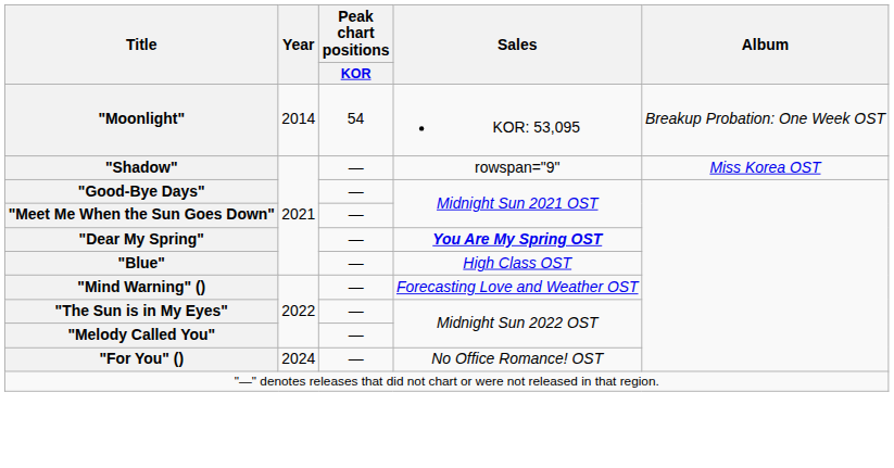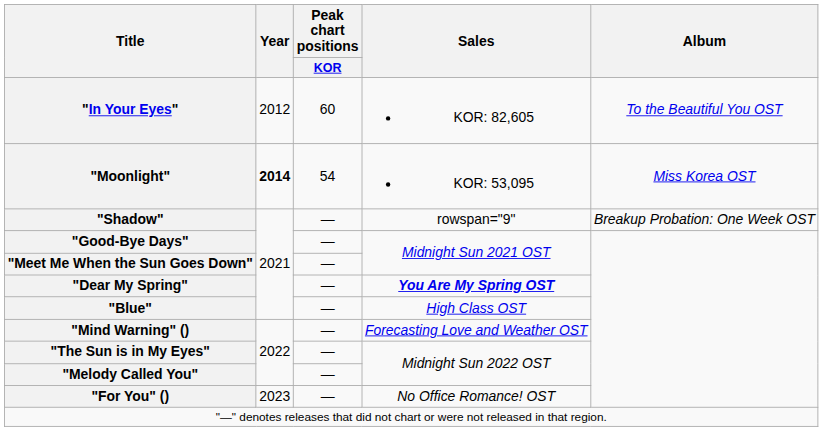 <table class="wikitable plainrowheaders" style="text-align:center;">
 <tr>
 <th scope="col" rowspan="2">Title</th>
 <th scope="col" rowspan="2">Year</th>
 <th scope="col">Peak chart positions</th>
 <th scope="col" rowspan="2">Sales</th>
 <th scope="col" rowspan="2">Album</th>
 </tr>
 <tr>
 <th scope="col" style="width:3em;font-size:90%;"><a href='#'>KOR</a><br></th>
 </tr>
 <tr>
+<th scope="row">"<a href='#'>In Your Eyes</a>"</th>
+<td>2012</td>
+<td>60</td>
+<td><br><ul><li>KOR: 82,605</li></ul></td>
+<td><em><a href='#'>To the Beautiful You OST</a></em></td>
+</tr>
+<tr>
 <th scope="row">"Moonlight"</th>
-<td>2014</td>
+<td><strong>2014</strong></td>
 <td>54</td>
 <td><br><ul><li>KOR: 53,095</li></ul></td>
-<td><em>Breakup Probation: One Week OST</em></td>
+<td><em><a href='#'>Miss Korea OST</a></em></td>
 </tr>
 <tr>
 <th scope="row">"Shadow"</th>
 <td rowspan="5">2021</td>
 <td>—</td>
 <td>rowspan="9" </td>
-<td><em><a href='#'>Miss Korea OST</a></em></td>
+<td><em>Breakup Probation: One Week OST</em></td>
 </tr>
 <tr>
 <th scope="row">"Good-Bye Days"<br></th>
 <td>—</td>
 <td rowspan="2"><em><a href='#'>Midnight Sun 2021 OST</a></em></td>
 </tr>
 <tr>
 <th scope="row">"Meet Me When the Sun Goes Down"</th>
 <td>—</td>
 </tr>
 <tr>
 <th scope="row">"Dear My Spring"</th>
 <td>—</td>
 <td><strong><em><a href='#'>You Are My Spring OST</a></em></strong></td>
 </tr>
 <tr>
 <th scope="row">"Blue"<br></th>
 <td>—</td>
 <td><em><a href='#'>High Class OST</a></em></td>
 </tr>
 <tr>
 <th scope="row">"Mind Warning" ()</th>
 <td rowspan="3">2022</td>
 <td>—</td>
 <td><em><a href='#'>Forecasting Love and Weather OST</a></em></td>
 </tr>
 <tr>
 <th scope="row">"The Sun is in My Eyes"</th>
 <td>—</td>
 <td rowspan="2"><em>Midnight Sun 2022 OST</em></td>
 </tr>
 <tr>
 <th scope="row">"Melody Called You"<br></th>
 <td>—</td>
 </tr>
 <tr>
 <th scope="row">"For You" ()</th>
-<td>2024</td>
+<td>2023</td>
 <td>—</td>
 <td><em>No Office Romance! OST</em></td>
 </tr>
 <tr>
 <td colspan="5" style="text-align:center; font-size:85%">"—" denotes releases that did not chart or were not released in that region.</td>
 </tr>
 </table>
